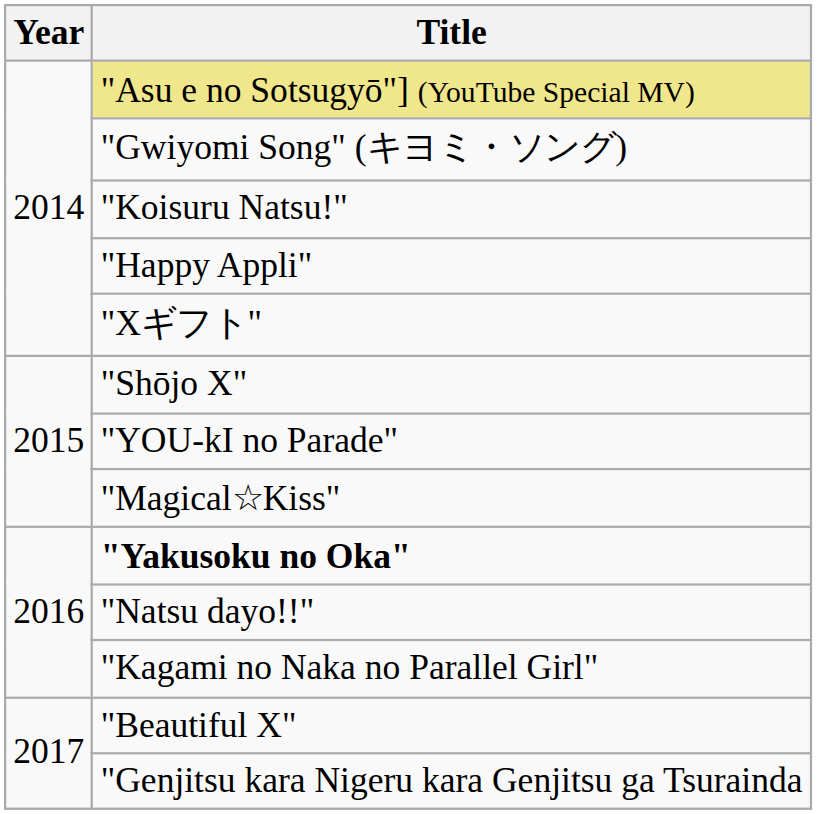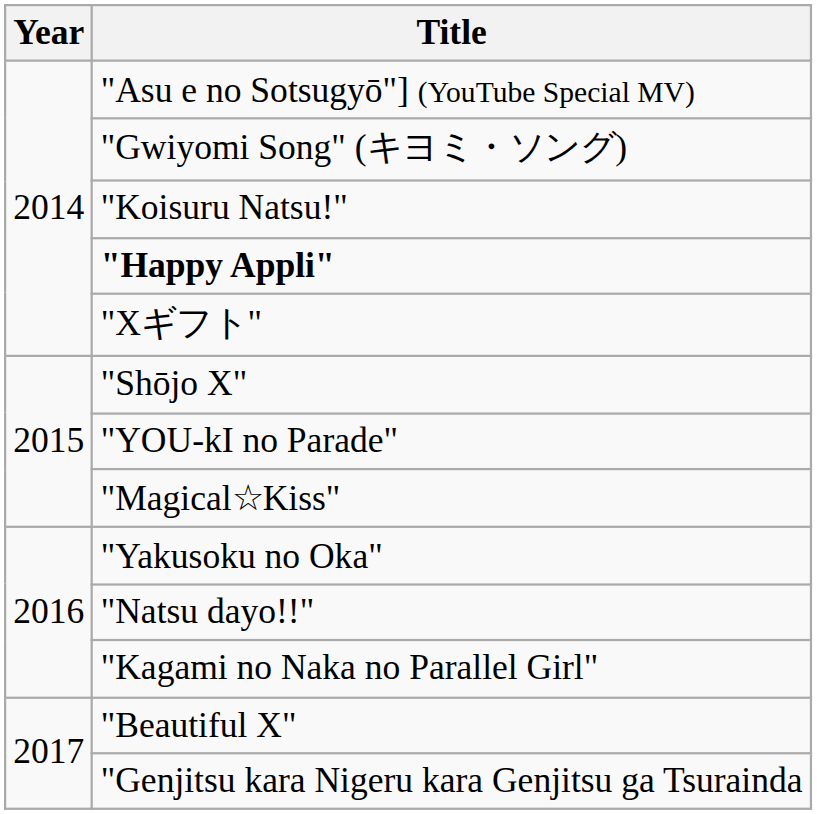 <table class="wikitable">
 <tr>
 <th>Year</th>
 <th>Title</th>
 </tr>
 <tr>
 <td rowspan="5" align="center">2014</td>
-<td style="background: khaki;">"Asu e no Sotsugyō"] <small>(YouTube Special MV)</small></td>
+<td>"Asu e no Sotsugyō"] <small>(YouTube Special MV)</small></td>
 </tr>
 <tr>
 <td>"Gwiyomi Song" (キヨミ・ソング)</td>
 </tr>
 <tr>
 <td>"Koisuru Natsu!"</td>
 </tr>
 <tr>
-<td>"Happy Appli"</td>
+<td><strong>"Happy Appli"</strong></td>
 </tr>
 <tr>
 <td>"Xギフト"</td>
 </tr>
 <tr>
 <td rowspan="3" align="center">2015</td>
 <td>"Shōjo X"</td>
 </tr>
 <tr>
 <td>"YOU-kI no Parade"</td>
 </tr>
 <tr>
 <td>"Magical☆Kiss"</td>
 </tr>
 <tr>
 <td rowspan="3" align="center">2016</td>
-<td><strong>"Yakusoku no Oka"</strong></td>
+<td>"Yakusoku no Oka"</td>
 </tr>
 <tr>
 <td>"Natsu dayo!!"</td>
 </tr>
 <tr>
 <td>"Kagami no Naka no Parallel Girl"</td>
 </tr>
 <tr>
 <td rowspan="2" align="center">2017</td>
 <td>"Beautiful X"</td>
 </tr>
 <tr>
 <td>"Genjitsu kara Nigeru kara Genjitsu ga Tsurainda</td>
 </tr>
 </table>
